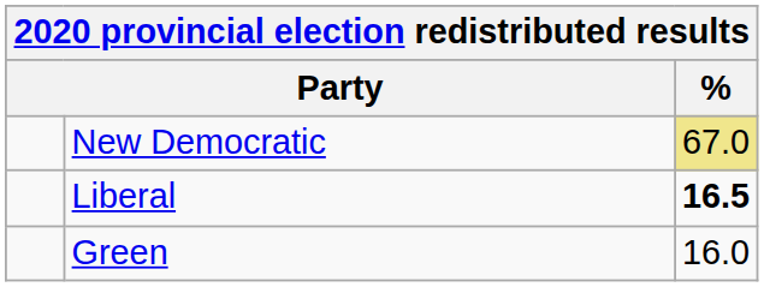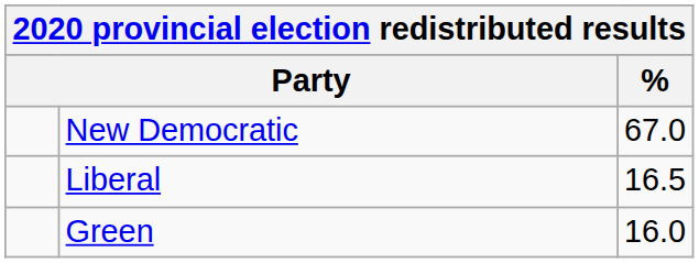 <table class="wikitable">
 <tr>
 <th colspan="4"><a href='#'>2020 provincial election</a> redistributed results</th>
 </tr>
 <tr>
 <th bgcolor="#DDDDFF" width="130px" colspan="2">Party</th>
 <th bgcolor="#DDDDFF" width="30px">%</th>
 </tr>
 <tr>
 <td> </td>
 <td><a href='#'>New Democratic</a></td>
-<td align=right style="background: khaki;">67.0</td>
+<td align=right>67.0</td>
 </tr>
 <tr>
 <td> </td>
 <td><a href='#'>Liberal</a></td>
-<td align=right><strong>16.5</strong></td>
+<td align=right>16.5</td>
 </tr>
 <tr>
 <td> </td>
 <td><a href='#'>Green</a></td>
 <td align=right>16.0</td>
 </tr>
 </table>
